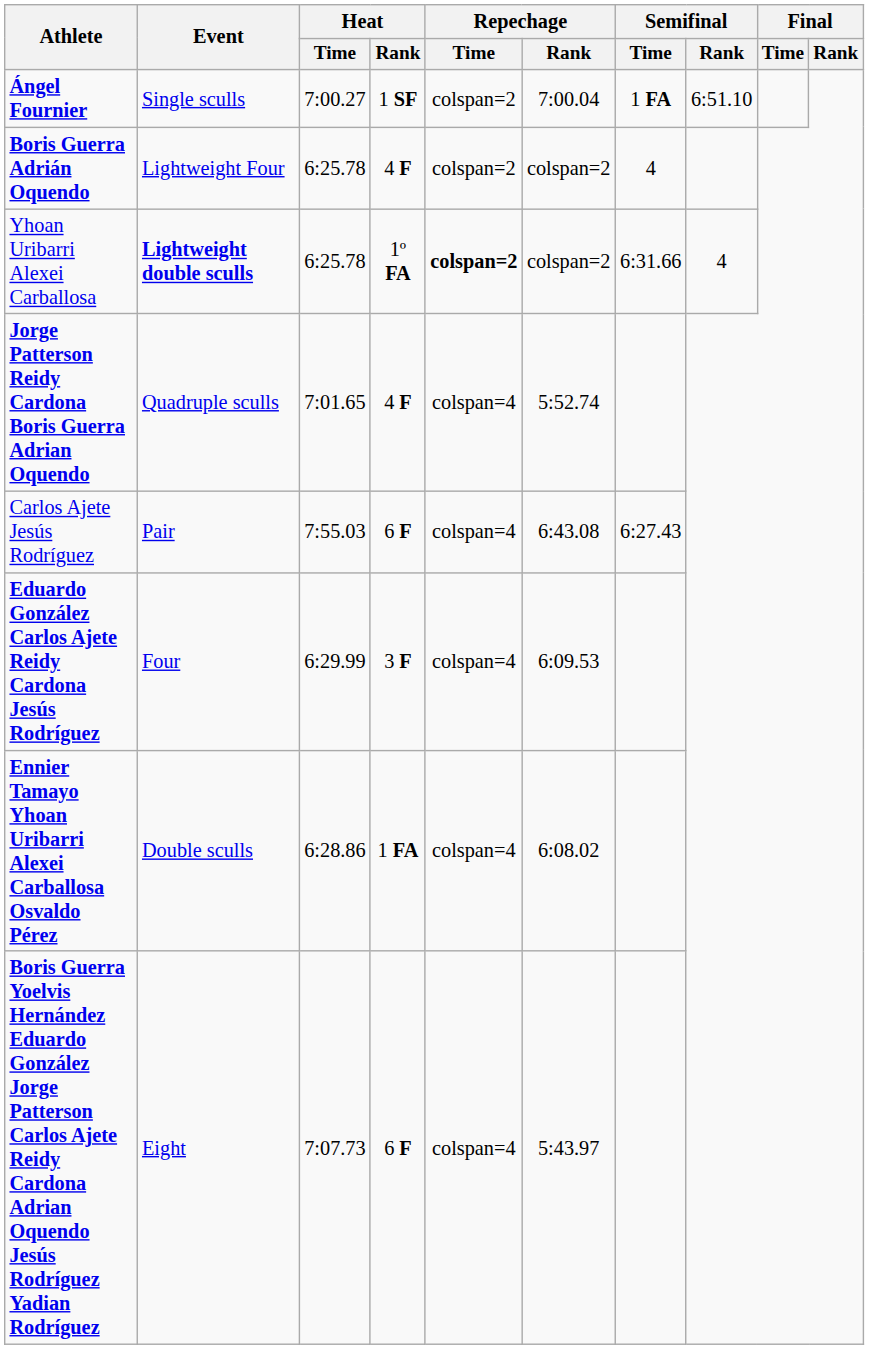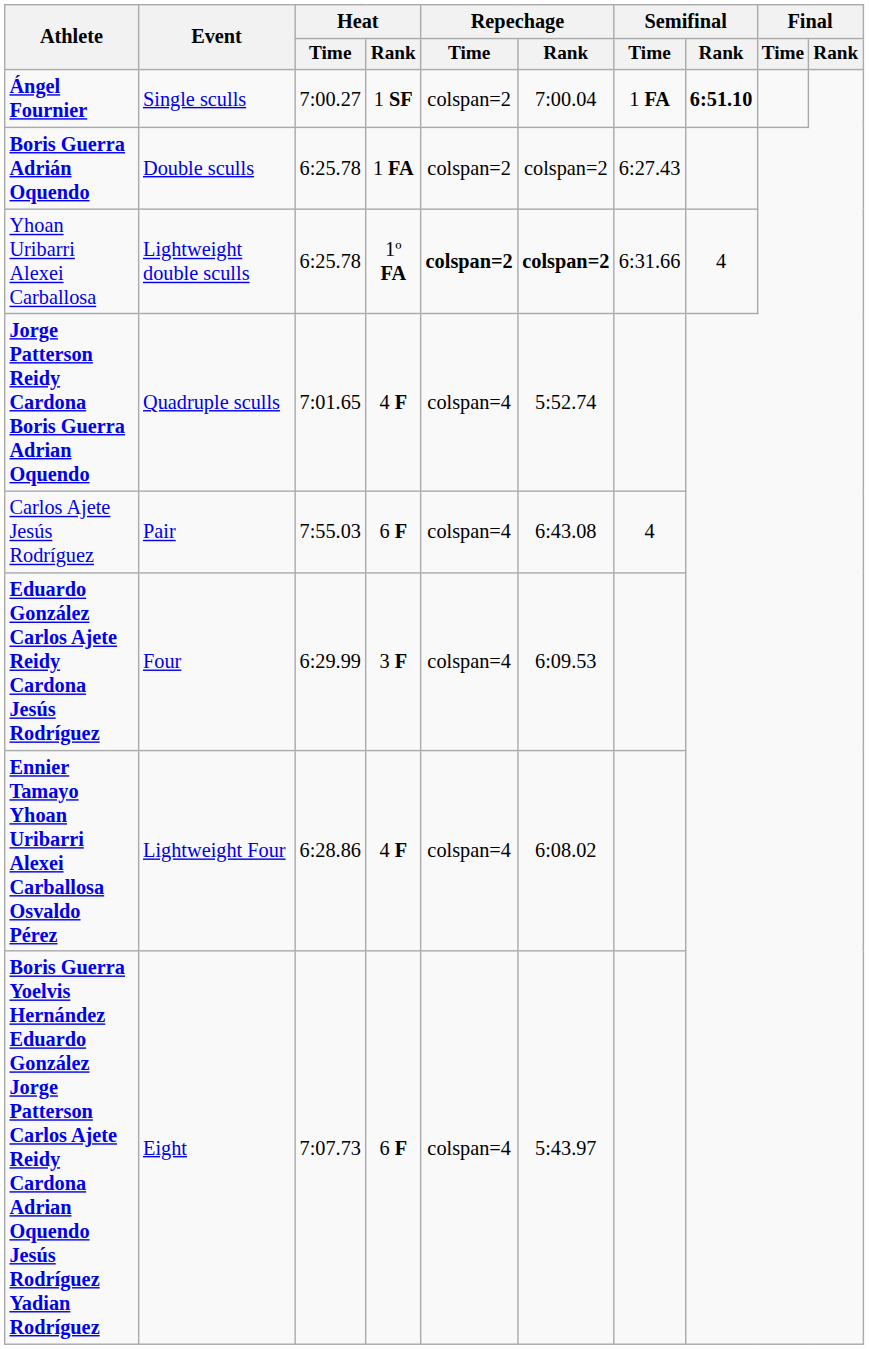 <table class=wikitable style=font-size:90%;text-align:center>
 <tr>
 <th rowspan=2>Athlete</th>
 <th rowspan=2>Event</th>
 <th colspan=2>Heat</th>
 <th colspan=2>Repechage</th>
 <th colspan=2>Semifinal</th>
 <th colspan=2>Final</th>
 </tr>
 <tr style=font-size:95%>
 <th>Time</th>
 <th>Rank</th>
 <th>Time</th>
 <th>Rank</th>
 <th>Time</th>
 <th>Rank</th>
 <th>Time</th>
 <th>Rank</th>
 </tr>
 <tr>
 <td style="text-align:left"><strong><a href='#'>Ángel Fournier</a></strong></td>
 <td style="text-align:left"><a href='#'>Single sculls</a></td>
 <td>7:00.27</td>
 <td>1 <strong>SF</strong></td>
 <td>colspan=2 </td>
 <td>7:00.04</td>
 <td>1 <strong>FA</strong></td>
-<td>6:51.10</td>
+<td><strong>6:51.10</strong></td>
 <td></td>
 </tr>
 <tr align=center>
 <td style="text-align:left"><strong><a href='#'>Boris Guerra</a><br><a href='#'>Adrián Oquendo</a></strong></td>
-<td style="text-align:left"><a href='#'>Lightweight Four</a></td>
+<td style="text-align:left"><a href='#'>Double sculls</a></td>
 <td>6:25.78</td>
-<td>4 <strong>F</strong></td>
+<td>1 <strong>FA</strong></td>
 <td>colspan=2 </td>
 <td>colspan=2 </td>
-<td>4</td>
+<td>6:27.43</td>
 <td></td>
 </tr>
 <tr align=center>
 <td style="text-align:left"><a href='#'>Yhoan Uribarri</a><br><a href='#'>Alexei Carballosa</a></td>
-<td style="text-align:left"><strong><a href='#'>Lightweight double sculls</a></strong></td>
+<td style="text-align:left"><a href='#'>Lightweight double sculls</a></td>
 <td>6:25.78</td>
 <td>1º <strong>FA</strong></td>
 <td><strong>colspan=2 </strong></td>
-<td>colspan=2 </td>
+<td><strong>colspan=2 </strong></td>
 <td>6:31.66</td>
 <td>4</td>
 </tr>
 <tr align=center>
 <td style="text-align:left"><strong><a href='#'>Jorge Patterson</a><br><a href='#'>Reidy Cardona</a><br><a href='#'>Boris Guerra</a><br><a href='#'>Adrian Oquendo</a></strong></td>
 <td style="text-align:left"><a href='#'>Quadruple sculls</a></td>
 <td>7:01.65</td>
 <td>4 <strong>F</strong></td>
 <td>colspan=4 </td>
 <td>5:52.74</td>
 <td></td>
 </tr>
 <tr align=center>
 <td style="text-align:left"><a href='#'>Carlos Ajete</a><br><a href='#'>Jesús Rodríguez</a></td>
 <td style="text-align:left"><a href='#'>Pair</a></td>
 <td>7:55.03</td>
 <td>6 <strong>F</strong></td>
 <td>colspan=4 </td>
 <td>6:43.08</td>
-<td>6:27.43</td>
+<td>4</td>
 </tr>
 <tr align=center>
 <td style="text-align:left"><strong><a href='#'>Eduardo González</a><br><a href='#'>Carlos Ajete</a><br><a href='#'>Reidy Cardona</a><br><a href='#'>Jesús Rodríguez</a></strong></td>
 <td style="text-align:left"><a href='#'>Four</a></td>
 <td>6:29.99</td>
 <td>3 <strong>F</strong></td>
 <td>colspan=4 </td>
 <td>6:09.53</td>
 <td></td>
 </tr>
 <tr align=center>
 <td style="text-align:left"><strong><a href='#'>Ennier Tamayo</a><br><a href='#'>Yhoan Uribarri</a><br><a href='#'>Alexei Carballosa</a><br><a href='#'>Osvaldo Pérez</a></strong></td>
-<td style="text-align:left"><a href='#'>Double sculls</a></td>
+<td style="text-align:left"><a href='#'>Lightweight Four</a></td>
 <td>6:28.86</td>
-<td>1 <strong>FA</strong></td>
+<td>4 <strong>F</strong></td>
 <td>colspan=4 </td>
 <td>6:08.02</td>
 <td></td>
 </tr>
 <tr align=center>
 <td style="text-align:left"><strong><a href='#'>Boris Guerra</a><br><a href='#'>Yoelvis Hernández</a><br><a href='#'>Eduardo González</a><br><a href='#'>Jorge Patterson</a><br><a href='#'>Carlos Ajete</a><br><a href='#'>Reidy Cardona</a><br><a href='#'>Adrian Oquendo</a><br><a href='#'>Jesús Rodríguez</a><br><a href='#'>Yadian Rodríguez</a></strong></td>
 <td style="text-align:left"><a href='#'>Eight</a></td>
 <td>7:07.73</td>
 <td>6 <strong>F</strong></td>
 <td>colspan=4 </td>
 <td>5:43.97</td>
 <td></td>
 </tr>
 </table>
